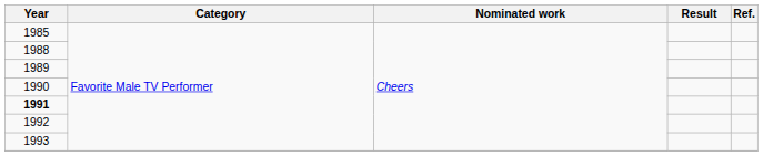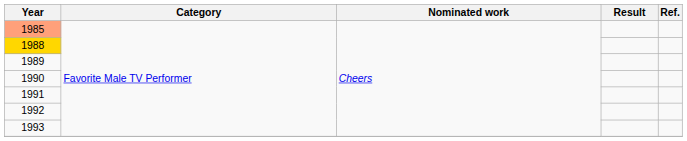 <table class=wikitable>
 <tr>
 <th scope="col" style="width:5em;">Year</th>
 <th scope="col" style="width:26em;">Category</th>
 <th scope="col" style="width:25em;">Nominated work</th>
 <th scope="col" style="width:5em;">Result</th>
 <th>Ref.</th>
 </tr>
 <tr>
-<td style="text-align:center;">1985</td>
+<td style="background: lightsalmon; text-align:center;">1985</td>
 <td rowspan=7><a href='#'>Favorite Male TV Performer</a></td>
 <td rowspan=7><em><a href='#'>Cheers</a></em></td>
 <td></td>
 <td></td>
 </tr>
 <tr>
-<td style="text-align:center;">1988</td>
+<td style="background: gold; text-align:center;">1988</td>
 <td></td>
 <td></td>
 </tr>
 <tr>
 <td style="text-align:center;">1989</td>
 <td></td>
 <td></td>
 </tr>
 <tr>
 <td style="text-align:center;">1990</td>
 <td></td>
 <td></td>
 </tr>
 <tr>
-<td style="text-align:center;"><strong>1991</strong></td>
+<td style="text-align:center;">1991</td>
 <td></td>
 <td></td>
 </tr>
 <tr>
 <td style="text-align:center;">1992</td>
 <td></td>
 <td></td>
 </tr>
 <tr>
 <td style="text-align:center;">1993</td>
 <td></td>
 <td></td>
 </tr>
 <tr>
 </tr>
 </table>
